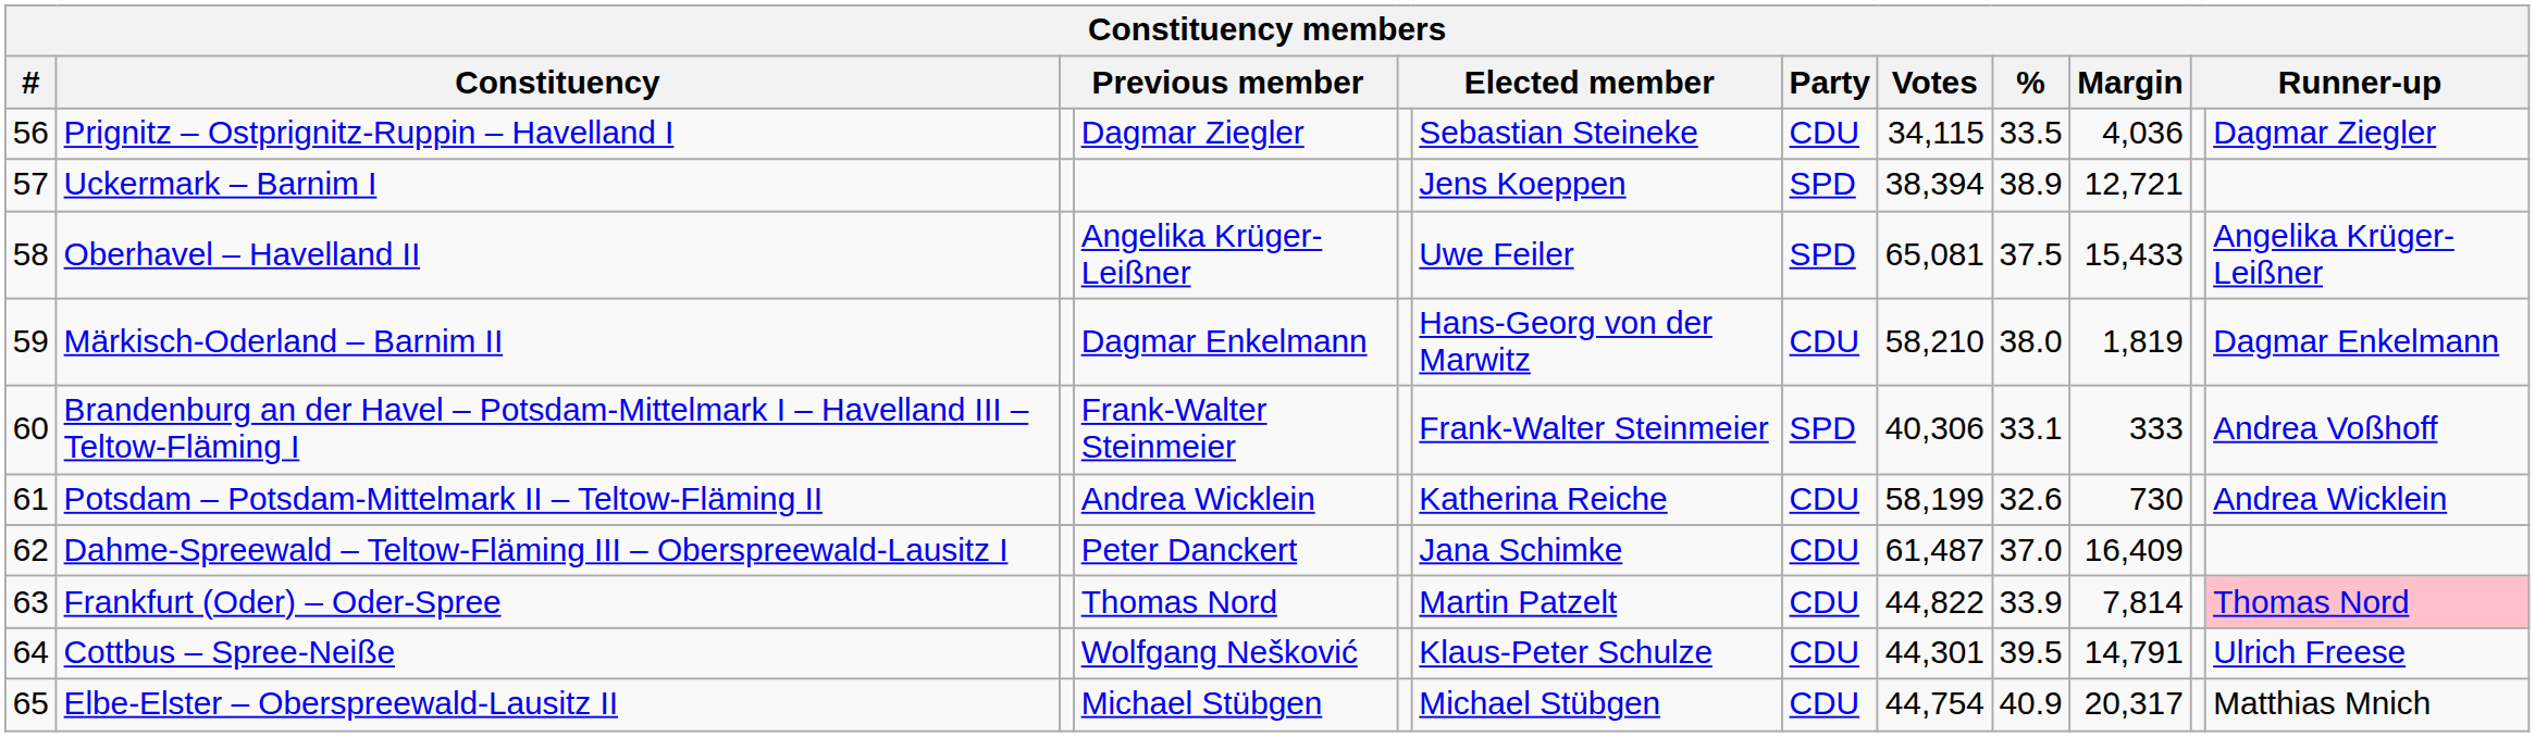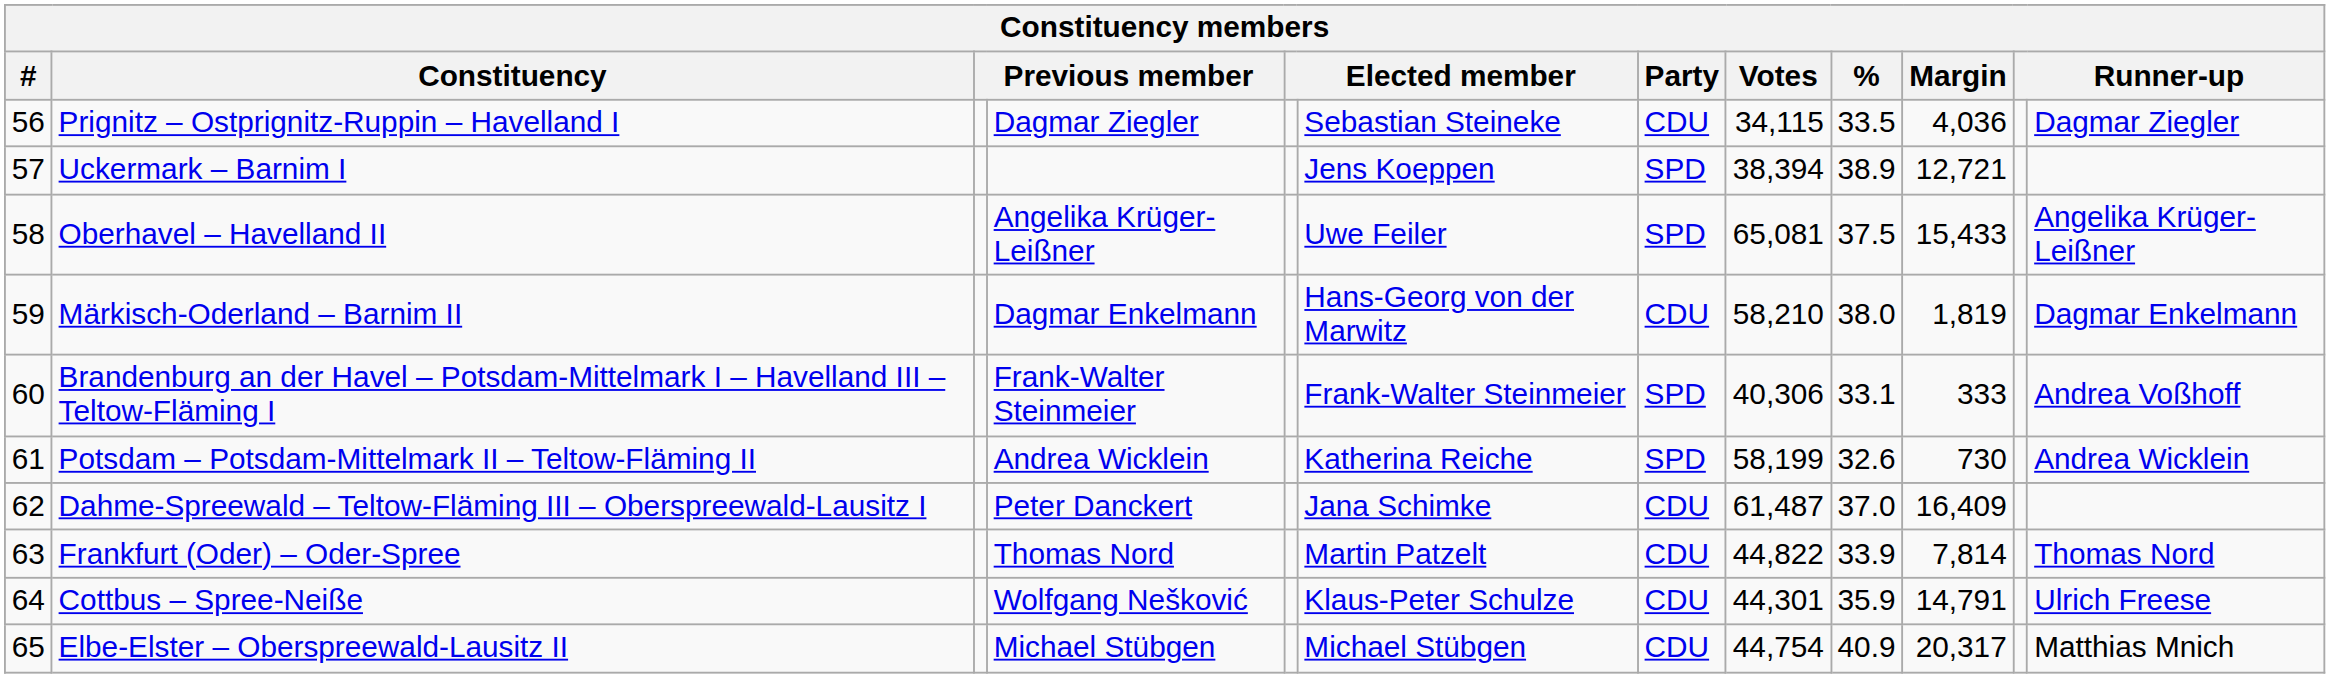 <table class="wikitable sortable" style="text-align:right">
 <tr>
 <th colspan="12">Constituency members</th>
 </tr>
 <tr>
 <th>#</th>
 <th>Constituency</th>
 <th colspan="2">Previous member</th>
 <th colspan="2">Elected member</th>
 <th>Party</th>
 <th>Votes</th>
 <th>%</th>
 <th>Margin</th>
 <th colspan="2">Runner-up</th>
 </tr>
 <tr>
 <td>56</td>
 <td align=left><a href='#'>Prignitz – Ostprignitz-Ruppin – Havelland I</a></td>
 <td bgcolor=></td>
 <td align=left><a href='#'>Dagmar Ziegler</a></td>
 <td bgcolor=></td>
 <td align=left><a href='#'>Sebastian Steineke</a></td>
 <td align=left><a href='#'>CDU</a></td>
 <td>34,115</td>
 <td>33.5</td>
 <td>4,036</td>
 <td bgcolor=></td>
 <td align=left><a href='#'>Dagmar Ziegler</a></td>
 </tr>
 <tr>
 <td>57</td>
 <td align=left><a href='#'>Uckermark – Barnim I</a></td>
 <td bgcolor=></td>
 <td align=left></td>
 <td></td>
 <td align=left><a href='#'>Jens Koeppen</a></td>
 <td align=left><a href='#'>SPD</a></td>
 <td>38,394</td>
 <td>38.9</td>
 <td>12,721</td>
 <td bgcolor=></td>
 <td align=left></td>
 </tr>
 <tr>
 <td>58</td>
 <td align=left><a href='#'>Oberhavel – Havelland II</a></td>
 <td bgcolor=></td>
 <td align=left><a href='#'>Angelika Krüger-Leißner</a></td>
 <td></td>
 <td align=left><a href='#'>Uwe Feiler</a></td>
 <td align=left><a href='#'>SPD</a></td>
 <td>65,081</td>
 <td>37.5</td>
 <td>15,433</td>
 <td bgcolor=></td>
 <td align=left><a href='#'>Angelika Krüger-Leißner</a></td>
 </tr>
 <tr>
 <td>59</td>
 <td align=left><a href='#'>Märkisch-Oderland – Barnim II</a></td>
 <td bgcolor=></td>
 <td align=left><a href='#'>Dagmar Enkelmann</a></td>
 <td bgcolor=></td>
 <td align=left><a href='#'>Hans-Georg von der Marwitz</a></td>
 <td align=left><a href='#'>CDU</a></td>
 <td>58,210</td>
 <td>38.0</td>
 <td>1,819</td>
 <td bgcolor=></td>
 <td align=left><a href='#'>Dagmar Enkelmann</a></td>
 </tr>
 <tr>
 <td>60</td>
 <td align=left><a href='#'>Brandenburg an der Havel – Potsdam-Mittelmark I – Havelland III – Teltow-Fläming I</a></td>
 <td bgcolor=></td>
 <td align=left><a href='#'>Frank-Walter Steinmeier</a></td>
 <td bgcolor=></td>
 <td align=left><a href='#'>Frank-Walter Steinmeier</a></td>
 <td align=left><a href='#'>SPD</a></td>
 <td>40,306</td>
 <td>33.1</td>
 <td>333</td>
 <td bgcolor=></td>
 <td align=left><a href='#'>Andrea Voßhoff</a></td>
 </tr>
 <tr>
 <td>61</td>
 <td align=left><a href='#'>Potsdam – Potsdam-Mittelmark II – Teltow-Fläming II</a></td>
 <td bgcolor=></td>
 <td align=left><a href='#'>Andrea Wicklein</a></td>
 <td></td>
 <td align=left><a href='#'>Katherina Reiche</a></td>
-<td align=left><a href='#'>CDU</a></td>
+<td align=left><a href='#'>SPD</a></td>
 <td>58,199</td>
 <td>32.6</td>
 <td>730</td>
 <td bgcolor=></td>
 <td align=left><a href='#'>Andrea Wicklein</a></td>
 </tr>
 <tr>
 <td>62</td>
 <td align=left><a href='#'>Dahme-Spreewald – Teltow-Fläming III – Oberspreewald-Lausitz I</a></td>
 <td bgcolor=></td>
 <td align=left><a href='#'>Peter Danckert</a></td>
 <td bgcolor=></td>
 <td align=left><a href='#'>Jana Schimke</a></td>
 <td align=left><a href='#'>CDU</a></td>
 <td>61,487</td>
 <td>37.0</td>
 <td>16,409</td>
 <td bgcolor=></td>
 <td align=left></td>
 </tr>
 <tr>
 <td>63</td>
 <td align=left><a href='#'>Frankfurt (Oder) – Oder-Spree</a></td>
 <td bgcolor=></td>
 <td align=left><a href='#'>Thomas Nord</a></td>
 <td bgcolor=></td>
 <td align=left><a href='#'>Martin Patzelt</a></td>
 <td align=left><a href='#'>CDU</a></td>
 <td>44,822</td>
 <td>33.9</td>
 <td>7,814</td>
 <td bgcolor=></td>
-<td align=left style="background: pink;"><a href='#'>Thomas Nord</a></td>
+<td align=left><a href='#'>Thomas Nord</a></td>
 </tr>
 <tr>
 <td>64</td>
 <td align=left><a href='#'>Cottbus – Spree-Neiße</a></td>
 <td bgcolor=></td>
 <td align=left><a href='#'>Wolfgang Nešković</a></td>
 <td bgcolor=></td>
 <td align=left><a href='#'>Klaus-Peter Schulze</a></td>
 <td align=left><a href='#'>CDU</a></td>
 <td>44,301</td>
-<td>39.5</td>
+<td>35.9</td>
 <td>14,791</td>
 <td bgcolor=></td>
 <td align=left><a href='#'>Ulrich Freese</a></td>
 </tr>
 <tr>
 <td>65</td>
 <td align=left><a href='#'>Elbe-Elster – Oberspreewald-Lausitz II</a></td>
 <td bgcolor=></td>
 <td align=left><a href='#'>Michael Stübgen</a></td>
 <td></td>
 <td align=left><a href='#'>Michael Stübgen</a></td>
 <td align="left"><a href='#'>CDU</a></td>
 <td>44,754</td>
 <td>40.9</td>
 <td>20,317</td>
 <td bgcolor=></td>
 <td align=left>Matthias Mnich</td>
 </tr>
 </table>
